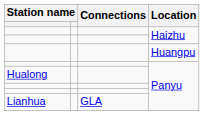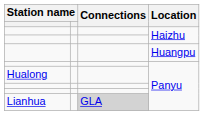 <table class="wikitable">
 <tr>
 <th colspan="2">Station name</th>
 <th rowspan="2">Connections</th>
 <th rowspan="2">Location</th>
 </tr>
 <tr>
 <th></th>
 <th></th>
 </tr>
 <tr>
 <td></td>
 <td></td>
 <td></td>
 <td rowspan="2"><a href='#'>Haizhu</a></td>
 </tr>
 <tr>
 <td></td>
 <td></td>
 <td></td>
 </tr>
 <tr>
 <td></td>
 <td></td>
 <td> </td>
 <td><a href='#'>Huangpu</a></td>
 </tr>
 <tr>
 <td></td>
 <td></td>
 <td></td>
 <td rowspan="5"><a href='#'>Panyu</a></td>
 </tr>
 <tr>
 <td><a href='#'>Hualong</a></td>
 <td></td>
 <td></td>
 </tr>
 <tr>
 <td></td>
 <td></td>
 <td></td>
 </tr>
 <tr>
 <td></td>
 <td></td>
 <td></td>
 </tr>
 <tr>
 <td><a href='#'>Lianhua</a></td>
 <td></td>
-<td> <a href='#'>GLA</a>  </td>
+<td style="background: lightgrey;"> <a href='#'>GLA</a>  </td>
 </tr>
 </table>
